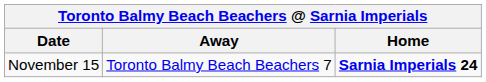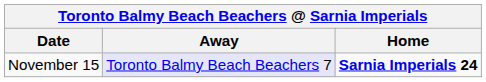 <table class="wikitable">
 <tr>
 <th colspan=4><a href='#'>Toronto Balmy Beach Beachers</a> @ <a href='#'>Sarnia Imperials</a></th>
 </tr>
 <tr>
 <th>Date</th>
 <th>Away</th>
 <th>Home</th>
 </tr>
 <tr>
 <td>November 15</td>
-<td><a href='#'>Toronto Balmy Beach Beachers</a> 7</td>
+<td style="background: lavender;"><a href='#'>Toronto Balmy Beach Beachers</a> 7</td>
 <td><strong><a href='#'>Sarnia Imperials</a> 24</strong></td>
 </tr>
 </table>
